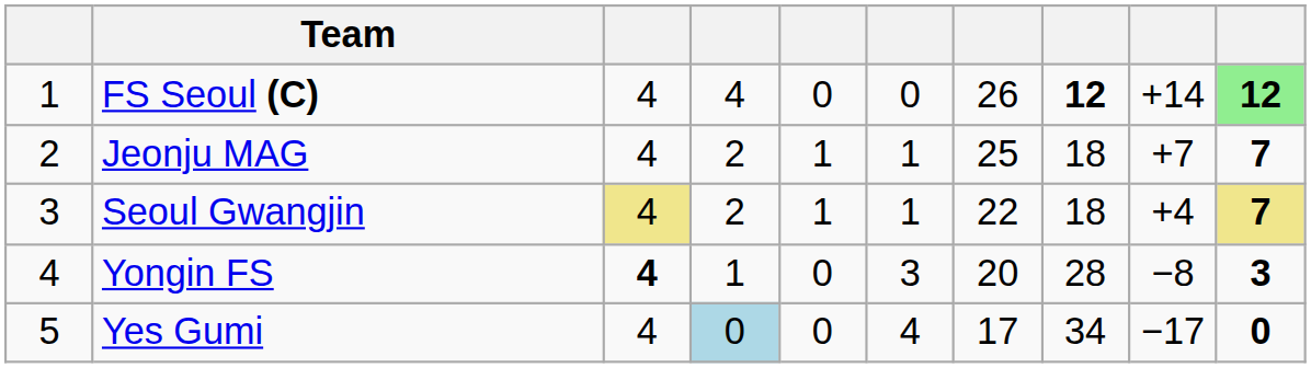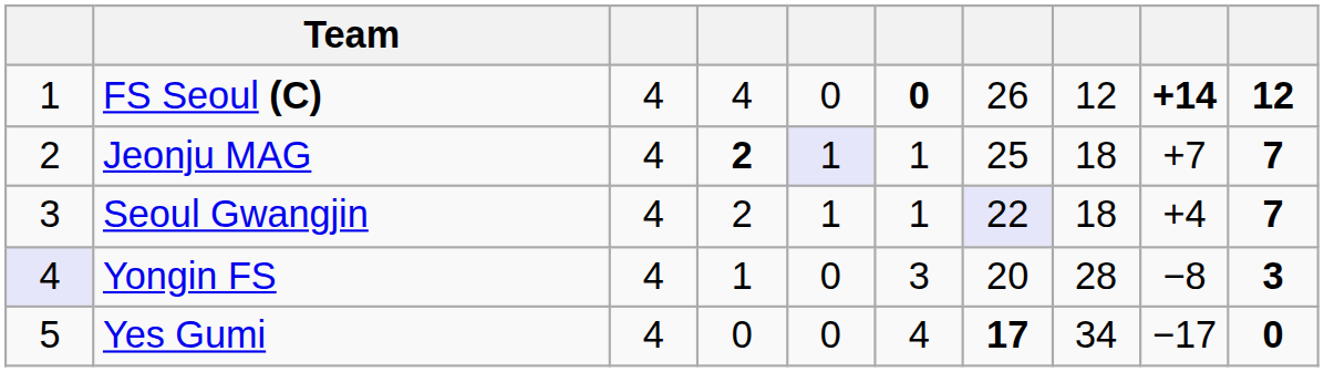 <table class="wikitable" style="text-align: center;">
 <tr>
 <th width=30></th>
 <th width=210>Team</th>
 <th width=30></th>
 <th width=30></th>
 <th width=30></th>
 <th width=30></th>
 <th width=30></th>
 <th width=30></th>
 <th width=30></th>
 <th width=30></th>
 </tr>
 <tr>
 <td>1</td>
 <td style="text-align:left;"><a href='#'>FS Seoul</a> <strong>(C)</strong></td>
 <td>4</td>
 <td>4</td>
 <td>0</td>
-<td>0</td>
+<td><strong>0</strong></td>
 <td>26</td>
+<td>12</td>
+<td><strong>+14</strong></td>
 <td><strong>12</strong></td>
-<td>+14</td>
-<td style="background: lightgreen;"><strong>12</strong></td>
 </tr>
 <tr>
 <td>2</td>
 <td style="text-align:left;"><a href='#'>Jeonju MAG</a></td>
 <td>4</td>
-<td>2</td>
-<td>1</td>
+<td><strong>2</strong></td>
+<td style="background: lavender;">1</td>
 <td>1</td>
 <td>25</td>
 <td>18</td>
 <td>+7</td>
 <td><strong>7</strong></td>
 </tr>
 <tr>
 <td>3</td>
 <td style="text-align:left;"><a href='#'>Seoul Gwangjin</a></td>
-<td style="background: khaki;">4</td>
+<td>4</td>
 <td>2</td>
 <td>1</td>
 <td>1</td>
-<td>22</td>
+<td style="background: lavender;">22</td>
 <td>18</td>
 <td>+4</td>
-<td style="background: khaki;"><strong>7</strong></td>
+<td><strong>7</strong></td>
 </tr>
 <tr>
+<td style="background: lavender;">4</td>
+<td style="text-align:left;"><a href='#'>Yongin FS</a></td>
 <td>4</td>
-<td style="text-align:left;"><a href='#'>Yongin FS</a></td>
-<td><strong>4</strong></td>
 <td>1</td>
 <td>0</td>
 <td>3</td>
 <td>20</td>
 <td>28</td>
 <td>−8</td>
 <td><strong>3</strong></td>
 </tr>
 <tr>
 <td>5</td>
 <td style="text-align:left;"><a href='#'>Yes Gumi</a></td>
 <td>4</td>
-<td style="background: lightblue;">0</td>
+<td>0</td>
 <td>0</td>
 <td>4</td>
-<td>17</td>
+<td><strong>17</strong></td>
 <td>34</td>
 <td>−17</td>
 <td><strong>0</strong></td>
 </tr>
 </table>
